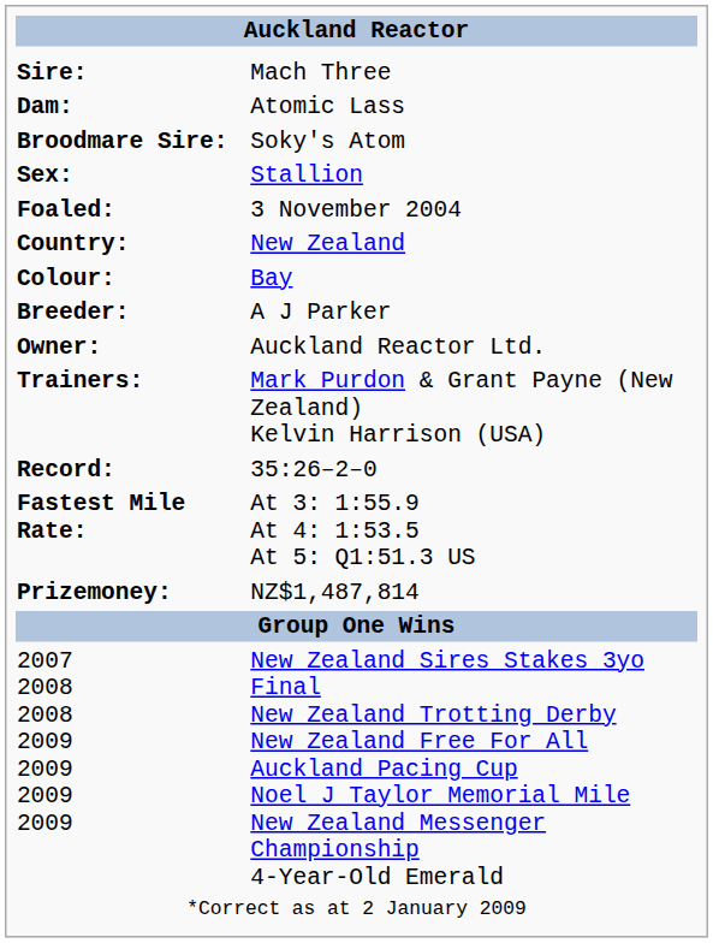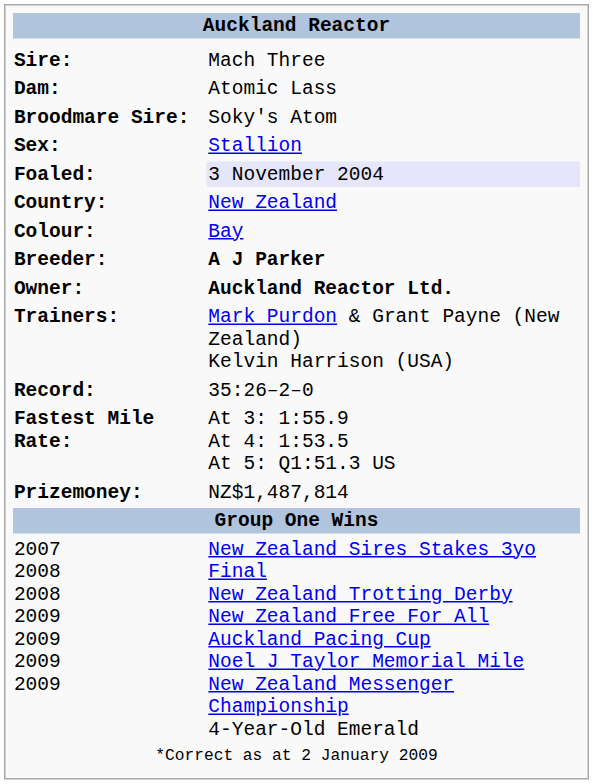 <table class="infobox" style="width:30em;">
 <tr style="text-align:center;">
 <th colspan="2" bgcolor="#b0c4de"><strong>Auckland Reactor</strong></th>
 </tr>
 <tr>
 <td colspan="2" style="text-align:center;"></td>
 </tr>
 <tr>
 <th align="left">Sire:</th>
 <td Mach Three (horse)>Mach Three</td>
 </tr>
 <tr>
 <th align="left">Dam:</th>
 <td>Atomic Lass</td>
 </tr>
 <tr>
 <th align="left">Broodmare Sire:</th>
 <td>Soky's Atom</td>
 </tr>
 <tr>
 <th align="left">Sex:</th>
 <td><a href='#'>Stallion</a></td>
 </tr>
 <tr>
 <th align="left">Foaled:</th>
-<td>3 November 2004</td>
+<td style="background: lavender;">3 November 2004</td>
 </tr>
 <tr>
 <th align="left">Country:</th>
 <td><a href='#'>New Zealand</a></td>
 </tr>
 <tr>
 <th align="left">Colour:</th>
 <td><a href='#'>Bay</a></td>
 </tr>
 <tr>
 <th align="left">Breeder:</th>
-<td>A J Parker</td>
+<td><strong>A J Parker</strong></td>
 </tr>
 <tr>
 <th align="left">Owner:</th>
-<td>Auckland Reactor Ltd.</td>
+<td><strong>Auckland Reactor Ltd.</strong></td>
 </tr>
 <tr>
 <th align="left">Trainers:</th>
 <td><a href='#'>Mark Purdon</a> & Grant Payne (New Zealand)<br>Kelvin Harrison (USA)</td>
 </tr>
 <tr>
 <th align="left">Record:</th>
 <td>35:26–2–0</td>
 </tr>
 <tr>
 <th align="left">Fastest Mile Rate:</th>
 <td>At 3: 1:55.9<br>At 4: 1:53.5<br>At 5: Q1:51.3 US</td>
 </tr>
 <tr>
 <th align="left">Prizemoney:</th>
 <td>NZ$1,487,814</td>
 </tr>
 <tr>
 <th colspan="2" bgcolor="#b0c4de"><strong>Group One Wins</strong></th>
 </tr>
 <tr style="vertical-align: top;">
 <td>2007<br>2008<br>2008<br>2009<br>2009<br>2009<br>2009</td>
 <td><a href='#'>New Zealand Sires Stakes 3yo Final</a><br><a href='#'>New Zealand Trotting Derby</a><br><a href='#'>New Zealand Free For All</a><br><a href='#'>Auckland Pacing Cup</a><br><a href='#'>Noel J Taylor Memorial Mile</a><br><a href='#'>New Zealand Messenger Championship</a><br>4-Year-Old Emerald</td>
 </tr>
 <tr>
 <td colspan="3" style="text-align:center; font-size:smaller;">*Correct as at 2 January 2009</td>
 </tr>
 <tr>
 <td colspan="3" style="text-align:center; font-size:smaller;"></td>
 </tr>
 </table>
